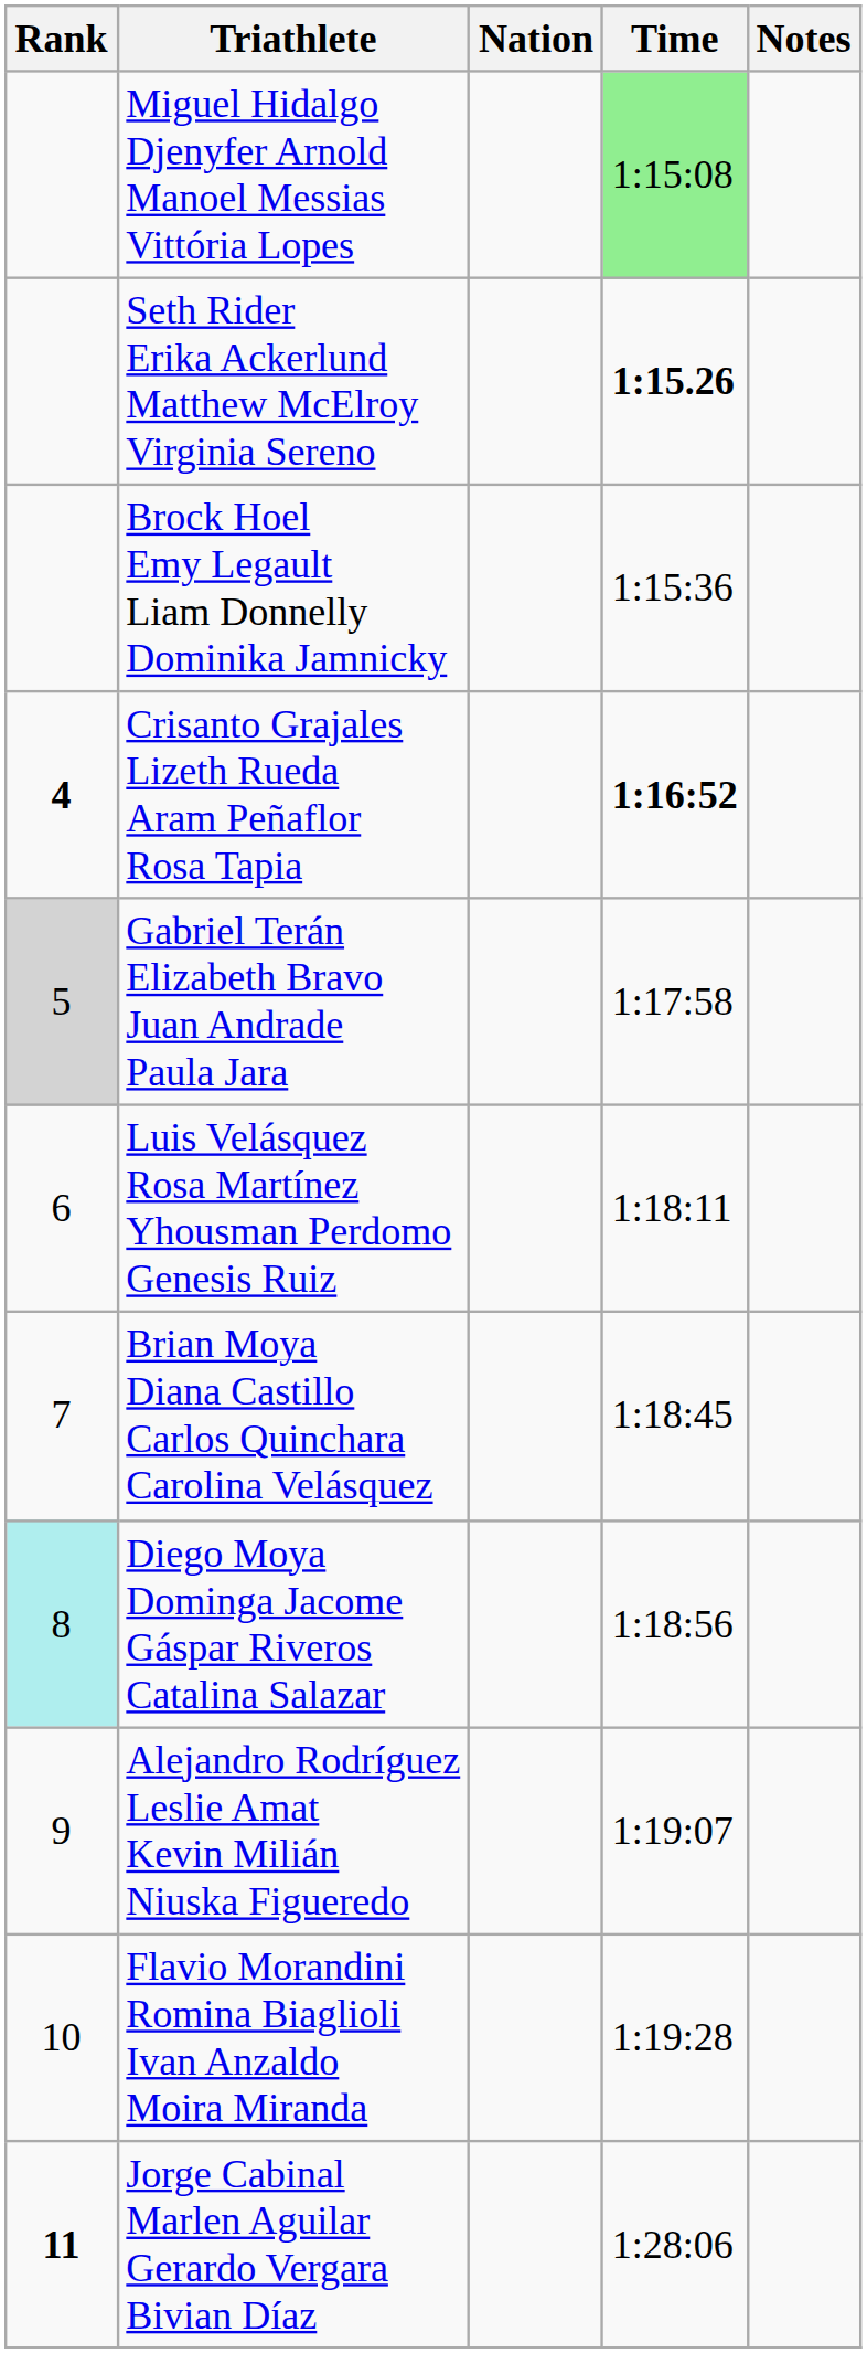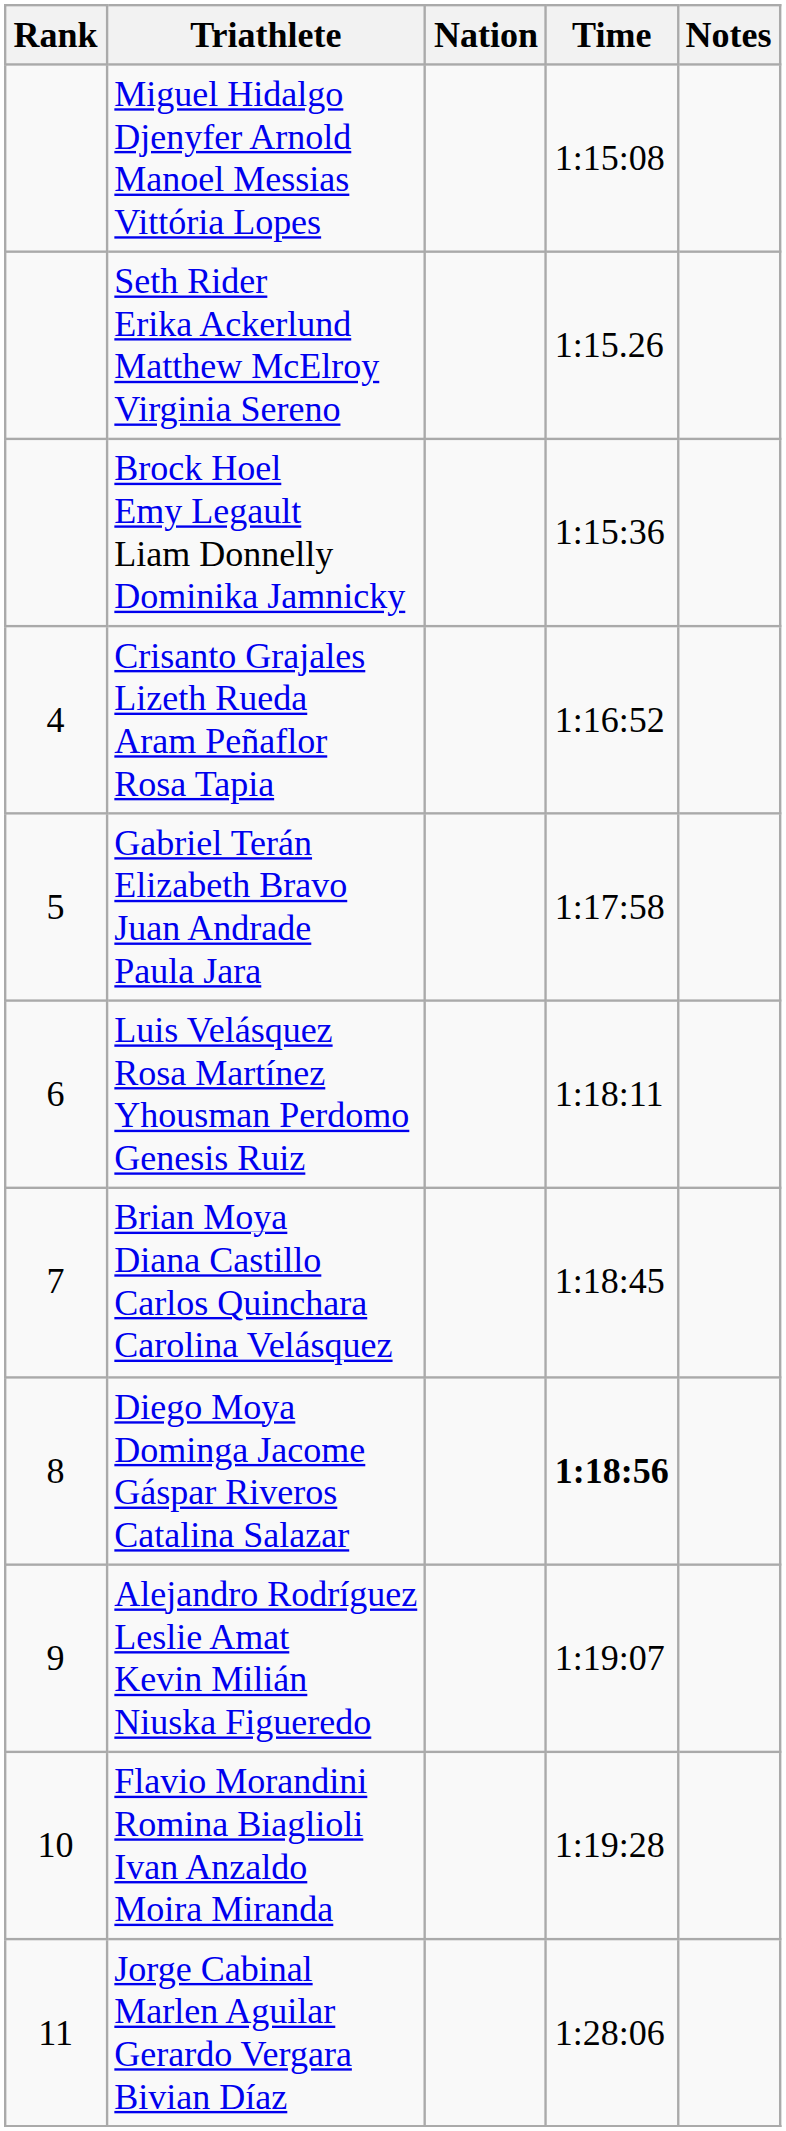 <table class="wikitable sortable" style="font-size:95%" style="width:45em;">
 <tr>
 <th>Rank</th>
 <th>Triathlete</th>
 <th>Nation</th>
 <th>Time</th>
 <th>Notes</th>
 </tr>
 <tr>
 <td align=center></td>
 <td><a href='#'>Miguel Hidalgo</a><br><a href='#'>Djenyfer Arnold</a><br><a href='#'>Manoel Messias</a><br><a href='#'>Vittória Lopes</a></td>
 <td></td>
-<td style="background: lightgreen;">1:15:08</td>
+<td>1:15:08</td>
 <td></td>
 </tr>
 <tr>
 <td align=center></td>
 <td><a href='#'>Seth Rider</a><br><a href='#'>Erika Ackerlund</a><br><a href='#'>Matthew McElroy</a><br><a href='#'>Virginia Sereno</a></td>
 <td></td>
-<td><strong>1:15.26</strong></td>
+<td>1:15.26</td>
 <td></td>
 </tr>
 <tr>
 <td align=center></td>
 <td><a href='#'>Brock Hoel</a><br><a href='#'>Emy Legault</a><br>Liam Donnelly<br><a href='#'>Dominika Jamnicky</a></td>
 <td></td>
 <td>1:15:36</td>
 <td></td>
 </tr>
 <tr>
-<td align=center><strong>4</strong></td>
+<td align=center>4</td>
 <td><a href='#'>Crisanto Grajales</a><br><a href='#'>Lizeth Rueda</a><br><a href='#'>Aram Peñaflor</a><br><a href='#'>Rosa Tapia</a></td>
 <td></td>
-<td><strong>1:16:52</strong></td>
+<td>1:16:52</td>
 <td></td>
 </tr>
 <tr>
-<td align=center style="background: lightgrey;">5</td>
+<td align=center>5</td>
 <td><a href='#'>Gabriel Terán</a><br><a href='#'>Elizabeth Bravo</a><br><a href='#'>Juan Andrade</a><br><a href='#'>Paula Jara</a></td>
 <td></td>
 <td>1:17:58</td>
 <td></td>
 </tr>
 <tr>
 <td align=center>6</td>
 <td><a href='#'>Luis Velásquez</a><br><a href='#'>Rosa Martínez</a><br><a href='#'>Yhousman Perdomo</a><br><a href='#'>Genesis Ruiz</a></td>
 <td></td>
 <td>1:18:11</td>
 <td></td>
 </tr>
 <tr>
 <td align=center>7</td>
 <td><a href='#'>Brian Moya</a><br><a href='#'>Diana Castillo</a><br><a href='#'>Carlos Quinchara</a><br><a href='#'>Carolina Velásquez</a></td>
 <td></td>
 <td>1:18:45</td>
 <td></td>
 </tr>
 <tr>
-<td align=center style="background: paleturquoise;">8</td>
+<td align=center>8</td>
 <td><a href='#'>Diego Moya</a><br><a href='#'>Dominga Jacome</a><br><a href='#'>Gáspar Riveros</a><br><a href='#'>Catalina Salazar</a></td>
 <td></td>
-<td>1:18:56</td>
+<td><strong>1:18:56</strong></td>
 <td></td>
 </tr>
 <tr>
 <td align=center>9</td>
 <td><a href='#'>Alejandro Rodríguez</a><br><a href='#'>Leslie Amat</a><br><a href='#'>Kevin Milián</a><br><a href='#'>Niuska Figueredo</a></td>
 <td></td>
 <td>1:19:07</td>
 <td></td>
 </tr>
 <tr>
 <td align=center>10</td>
 <td><a href='#'>Flavio Morandini</a><br><a href='#'>Romina Biaglioli</a><br><a href='#'>Ivan Anzaldo</a><br><a href='#'>Moira Miranda</a></td>
 <td></td>
 <td>1:19:28</td>
 <td></td>
 </tr>
 <tr>
-<td align=center><strong>11</strong></td>
+<td align=center>11</td>
 <td><a href='#'>Jorge Cabinal</a><br><a href='#'>Marlen Aguilar</a><br><a href='#'>Gerardo Vergara</a><br><a href='#'>Bivian Díaz</a></td>
 <td></td>
 <td>1:28:06</td>
 <td></td>
 </tr>
 <tr>
 </tr>
 </table>
